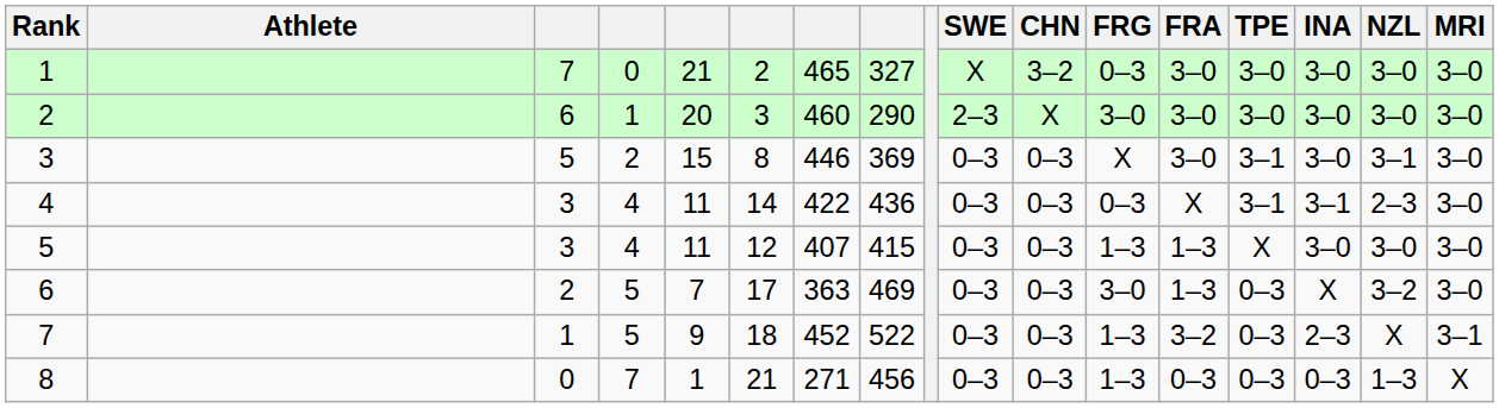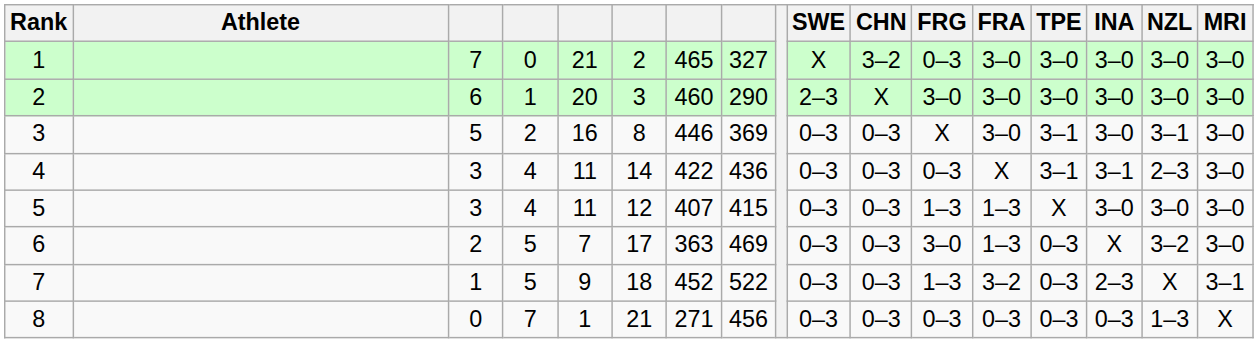 <table class="wikitable" style="text-align:center">
 <tr>
 <th>Rank</th>
 <th width=250>Athlete</th>
 <th width=30></th>
 <th width=30></th>
 <th width=30></th>
 <th width=30></th>
 <th width=30></th>
 <th width=30></th>
 <th rowspan=9></th>
 <th width=30>SWE</th>
 <th width=30>CHN</th>
 <th width=30>FRG</th>
 <th width=30>FRA</th>
 <th width=30>TPE</th>
 <th width=30>INA</th>
 <th width=30>NZL</th>
 <th width=30>MRI</th>
 </tr>
 <tr style="background-color:#ccffcc;">
 <td>1</td>
 <td align=left></td>
 <td>7</td>
 <td>0</td>
 <td>21</td>
 <td>2</td>
 <td>465</td>
 <td>327</td>
 <td>X</td>
 <td>3–2</td>
 <td>0–3</td>
 <td>3–0</td>
 <td>3–0</td>
 <td>3–0</td>
 <td>3–0</td>
 <td>3–0</td>
 </tr>
 <tr style="background-color:#ccffcc;">
 <td>2</td>
 <td align=left></td>
 <td>6</td>
 <td>1</td>
 <td>20</td>
 <td>3</td>
 <td>460</td>
 <td>290</td>
 <td>2–3</td>
 <td>X</td>
 <td>3–0</td>
 <td>3–0</td>
 <td>3–0</td>
 <td>3–0</td>
 <td>3–0</td>
 <td>3–0</td>
 </tr>
 <tr>
 <td>3</td>
 <td align=left></td>
 <td>5</td>
 <td>2</td>
-<td>15</td>
+<td>16</td>
 <td>8</td>
 <td>446</td>
 <td>369</td>
 <td>0–3</td>
 <td>0–3</td>
 <td>X</td>
 <td>3–0</td>
 <td>3–1</td>
 <td>3–0</td>
 <td>3–1</td>
 <td>3–0</td>
 </tr>
 <tr>
 <td>4</td>
 <td align=left></td>
 <td>3</td>
 <td>4</td>
 <td>11</td>
 <td>14</td>
 <td>422</td>
 <td>436</td>
 <td>0–3</td>
 <td>0–3</td>
 <td>0–3</td>
 <td>X</td>
 <td>3–1</td>
 <td>3–1</td>
 <td>2–3</td>
 <td>3–0</td>
 </tr>
 <tr>
 <td>5</td>
 <td align=left></td>
 <td>3</td>
 <td>4</td>
 <td>11</td>
 <td>12</td>
 <td>407</td>
 <td>415</td>
 <td>0–3</td>
 <td>0–3</td>
 <td>1–3</td>
 <td>1–3</td>
 <td>X</td>
 <td>3–0</td>
 <td>3–0</td>
 <td>3–0</td>
 </tr>
 <tr>
 <td>6</td>
 <td align=left></td>
 <td>2</td>
 <td>5</td>
 <td>7</td>
 <td>17</td>
 <td>363</td>
 <td>469</td>
 <td>0–3</td>
 <td>0–3</td>
 <td>3–0</td>
 <td>1–3</td>
 <td>0–3</td>
 <td>X</td>
 <td>3–2</td>
 <td>3–0</td>
 </tr>
 <tr>
 <td>7</td>
 <td align=left></td>
 <td>1</td>
 <td>5</td>
 <td>9</td>
 <td>18</td>
 <td>452</td>
 <td>522</td>
 <td>0–3</td>
 <td>0–3</td>
 <td>1–3</td>
 <td>3–2</td>
 <td>0–3</td>
 <td>2–3</td>
 <td>X</td>
 <td>3–1</td>
 </tr>
 <tr>
 <td>8</td>
 <td align=left></td>
 <td>0</td>
 <td>7</td>
 <td>1</td>
 <td>21</td>
 <td>271</td>
 <td>456</td>
 <td>0–3</td>
 <td>0–3</td>
-<td>1–3</td>
+<td>0–3</td>
 <td>0–3</td>
 <td>0–3</td>
 <td>0–3</td>
 <td>1–3</td>
 <td>X</td>
 </tr>
 </table>
